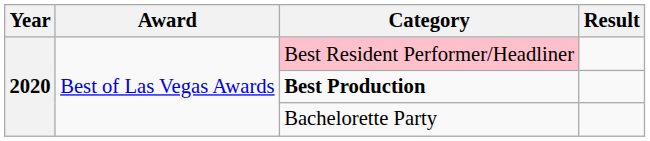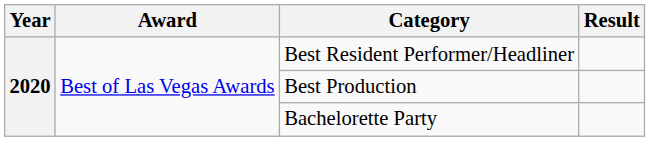 <table class="wikitable sortable plainrowheaders">
 <tr>
 <th scope="col">Year</th>
 <th scope="col">Award</th>
 <th scope="col">Category</th>
 <th scope="col">Result</th>
 </tr>
 <tr>
 <th scope="row"; rowspan="3">2020</th>
 <td rowspan="3"><a href='#'>Best of Las Vegas Awards</a></td>
-<td style="background: pink;">Best Resident Performer/Headliner</td>
+<td>Best Resident Performer/Headliner</td>
 <td></td>
 </tr>
 <tr>
-<td><strong>Best Production</strong></td>
+<td>Best Production</td>
 <td></td>
 </tr>
 <tr>
 <td>Bachelorette Party</td>
 <td></td>
 </tr>
 </table>
